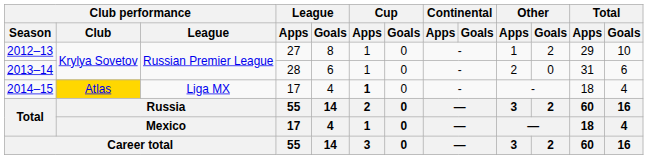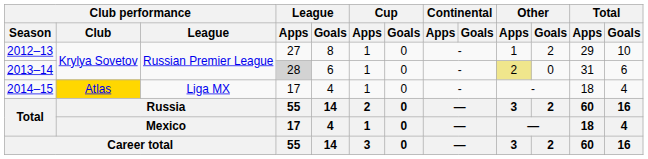 <table class="wikitable" style="text-align:center;">
 <tr>
 <th colspan=3>Club performance</th>
 <th colspan=2>League</th>
 <th colspan=2>Cup</th>
 <th colspan=2>Continental</th>
 <th colspan=2>Other</th>
 <th colspan=2>Total</th>
 </tr>
 <tr>
 <th>Season</th>
 <th>Club</th>
 <th>League</th>
 <th>Apps</th>
 <th>Goals</th>
 <th>Apps</th>
 <th>Goals</th>
 <th>Apps</th>
 <th>Goals</th>
 <th>Apps</th>
 <th>Goals</th>
 <th>Apps</th>
 <th>Goals</th>
 </tr>
 <tr>
 <td><a href='#'>2012–13</a></td>
 <td rowspan="2"><a href='#'>Krylya Sovetov</a></td>
 <td rowspan="2"><a href='#'>Russian Premier League</a></td>
 <td>27</td>
 <td>8</td>
 <td>1</td>
 <td>0</td>
 <td colspan="2">-</td>
 <td>1</td>
 <td>2</td>
 <td>29</td>
 <td>10</td>
 </tr>
 <tr>
 <td><a href='#'>2013–14</a></td>
-<td>28</td>
+<td style="background: lightgrey;">28</td>
 <td>6</td>
 <td>1</td>
 <td>0</td>
 <td colspan="2">-</td>
-<td>2</td>
+<td style="background: khaki;">2</td>
 <td>0</td>
 <td>31</td>
 <td>6</td>
 </tr>
 <tr>
 <td><a href='#'>2014–15</a></td>
 <td style="background: gold;"><a href='#'>Atlas</a></td>
 <td><a href='#'>Liga MX</a></td>
 <td>17</td>
 <td>4</td>
-<td><strong>1</strong></td>
+<td>1</td>
 <td>0</td>
 <td colspan="2">-</td>
 <td colspan="2">-</td>
 <td>18</td>
 <td>4</td>
 </tr>
 <tr>
 <th rowspan=2>Total</th>
 <th colspan=2>Russia</th>
 <th>55</th>
 <th>14</th>
 <th>2</th>
 <th>0</th>
 <th colspan="2">—</th>
 <th>3</th>
 <th>2</th>
 <th>60</th>
 <th>16</th>
 </tr>
 <tr>
 <th colspan=2>Mexico</th>
 <th>17</th>
 <th>4</th>
 <th>1</th>
 <th>0</th>
 <th colspan="2">—</th>
 <th colspan="2">—</th>
 <th>18</th>
 <th>4</th>
 </tr>
 <tr>
 <th colspan=3>Career total</th>
 <th>55</th>
 <th>14</th>
 <th>3</th>
 <th>0</th>
 <th colspan="2">—</th>
 <th>3</th>
 <th>2</th>
 <th>60</th>
 <th>16</th>
 </tr>
 </table>
